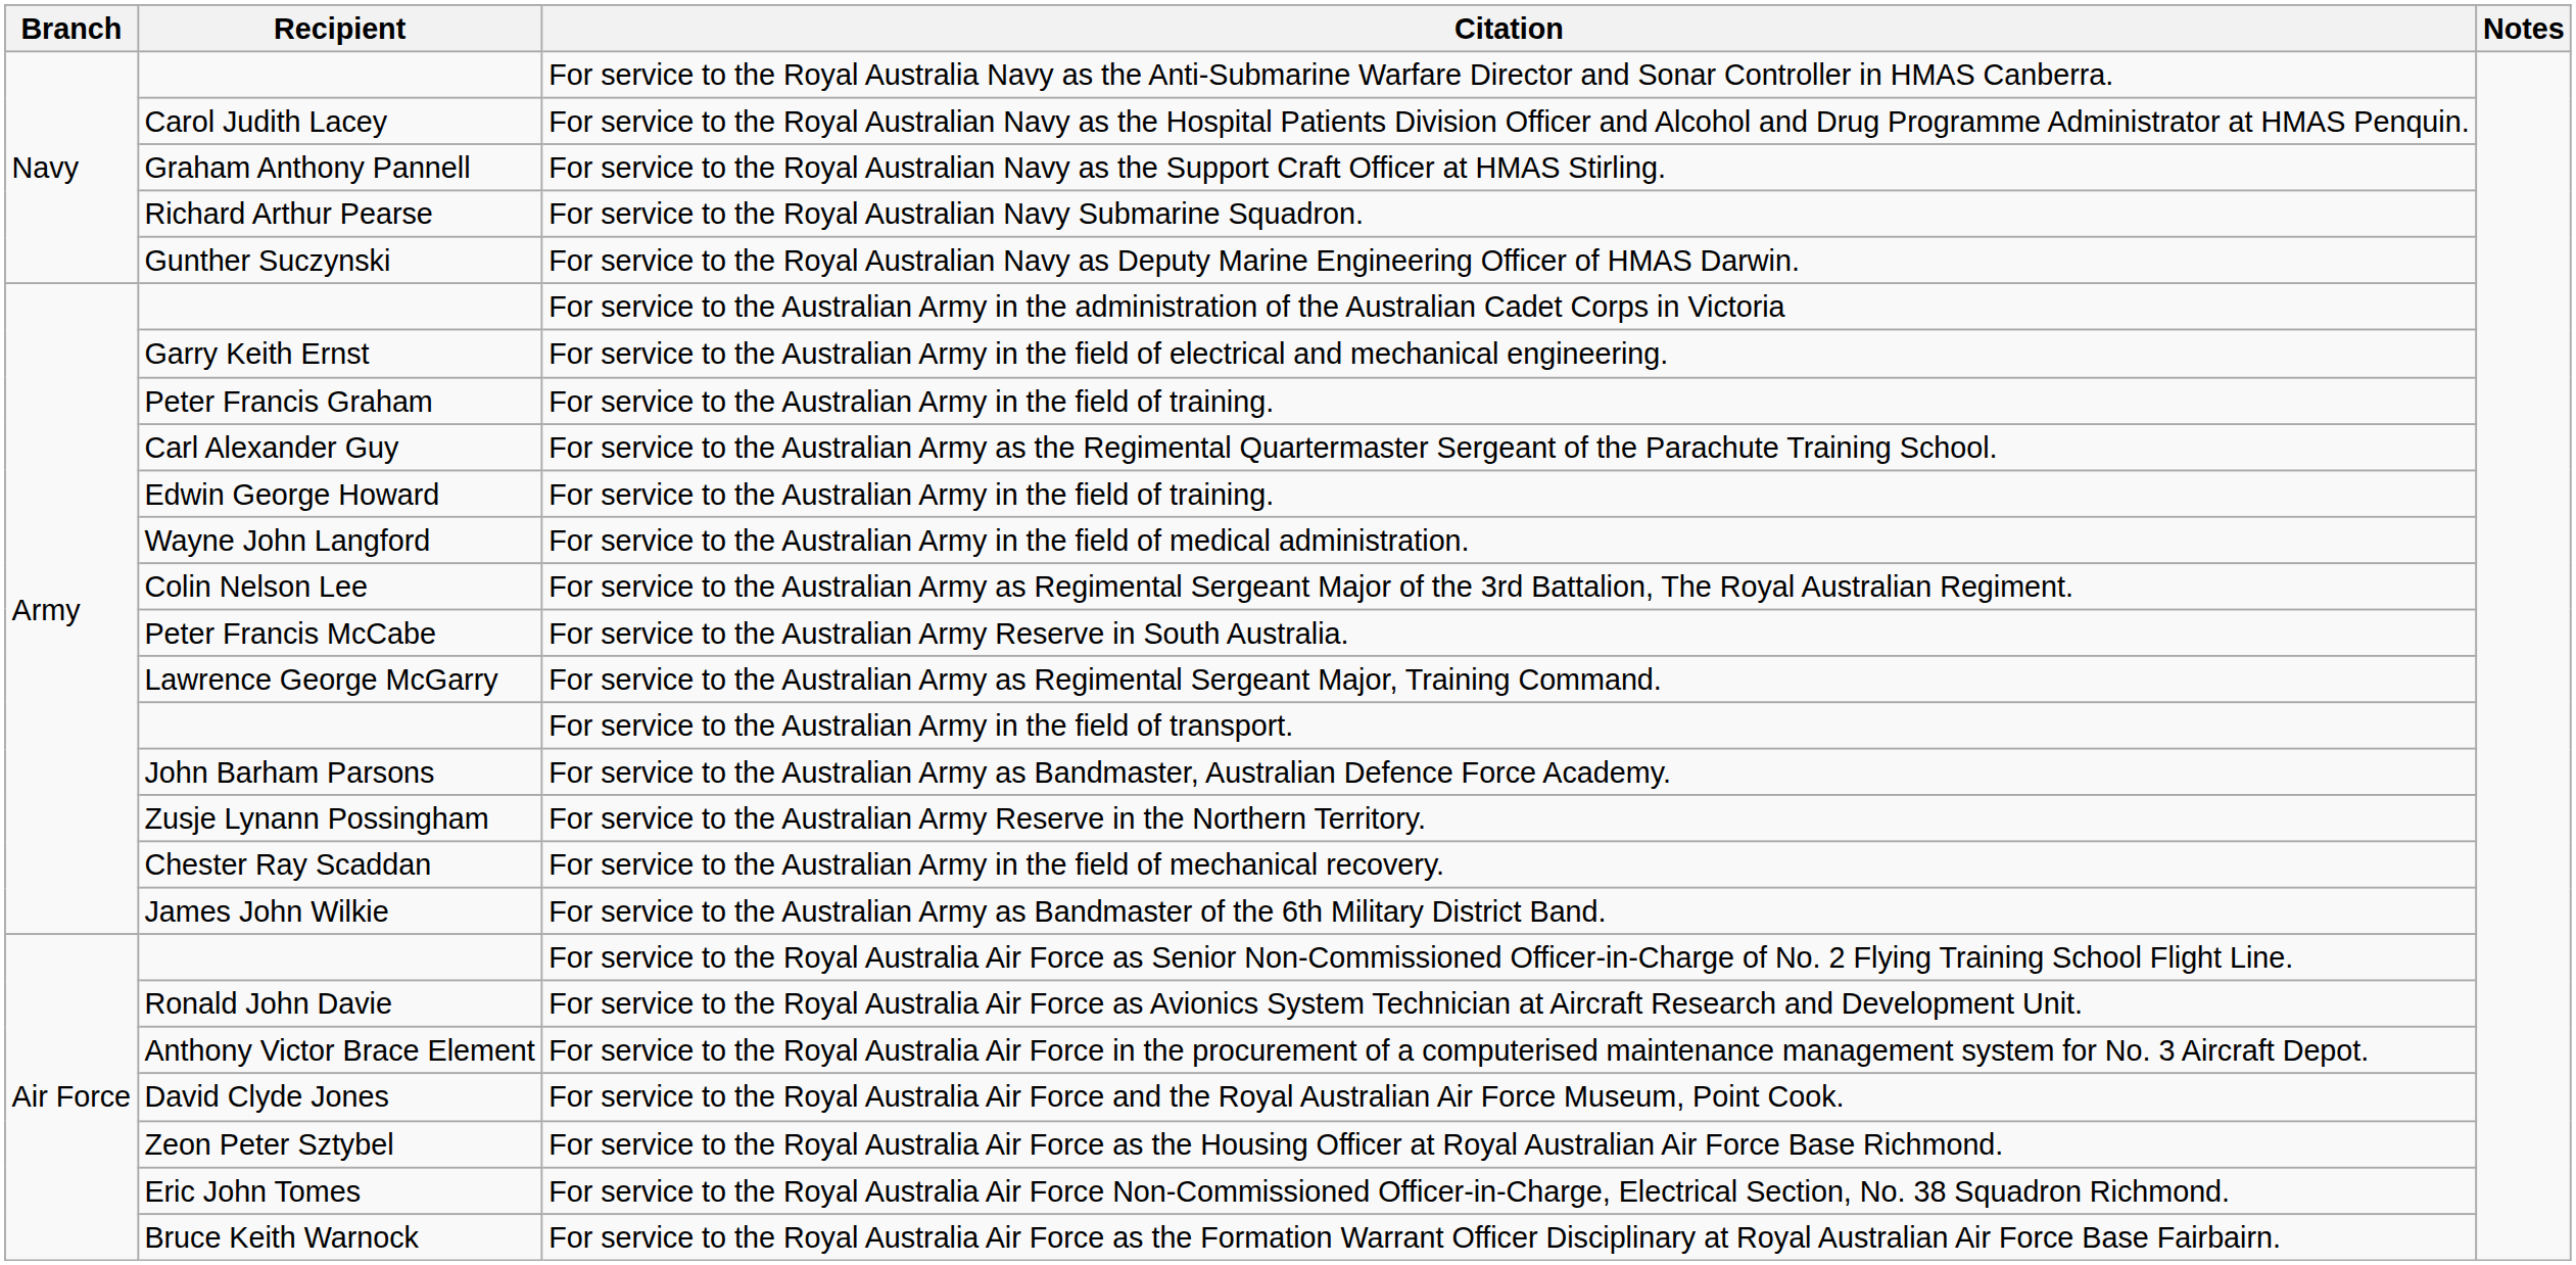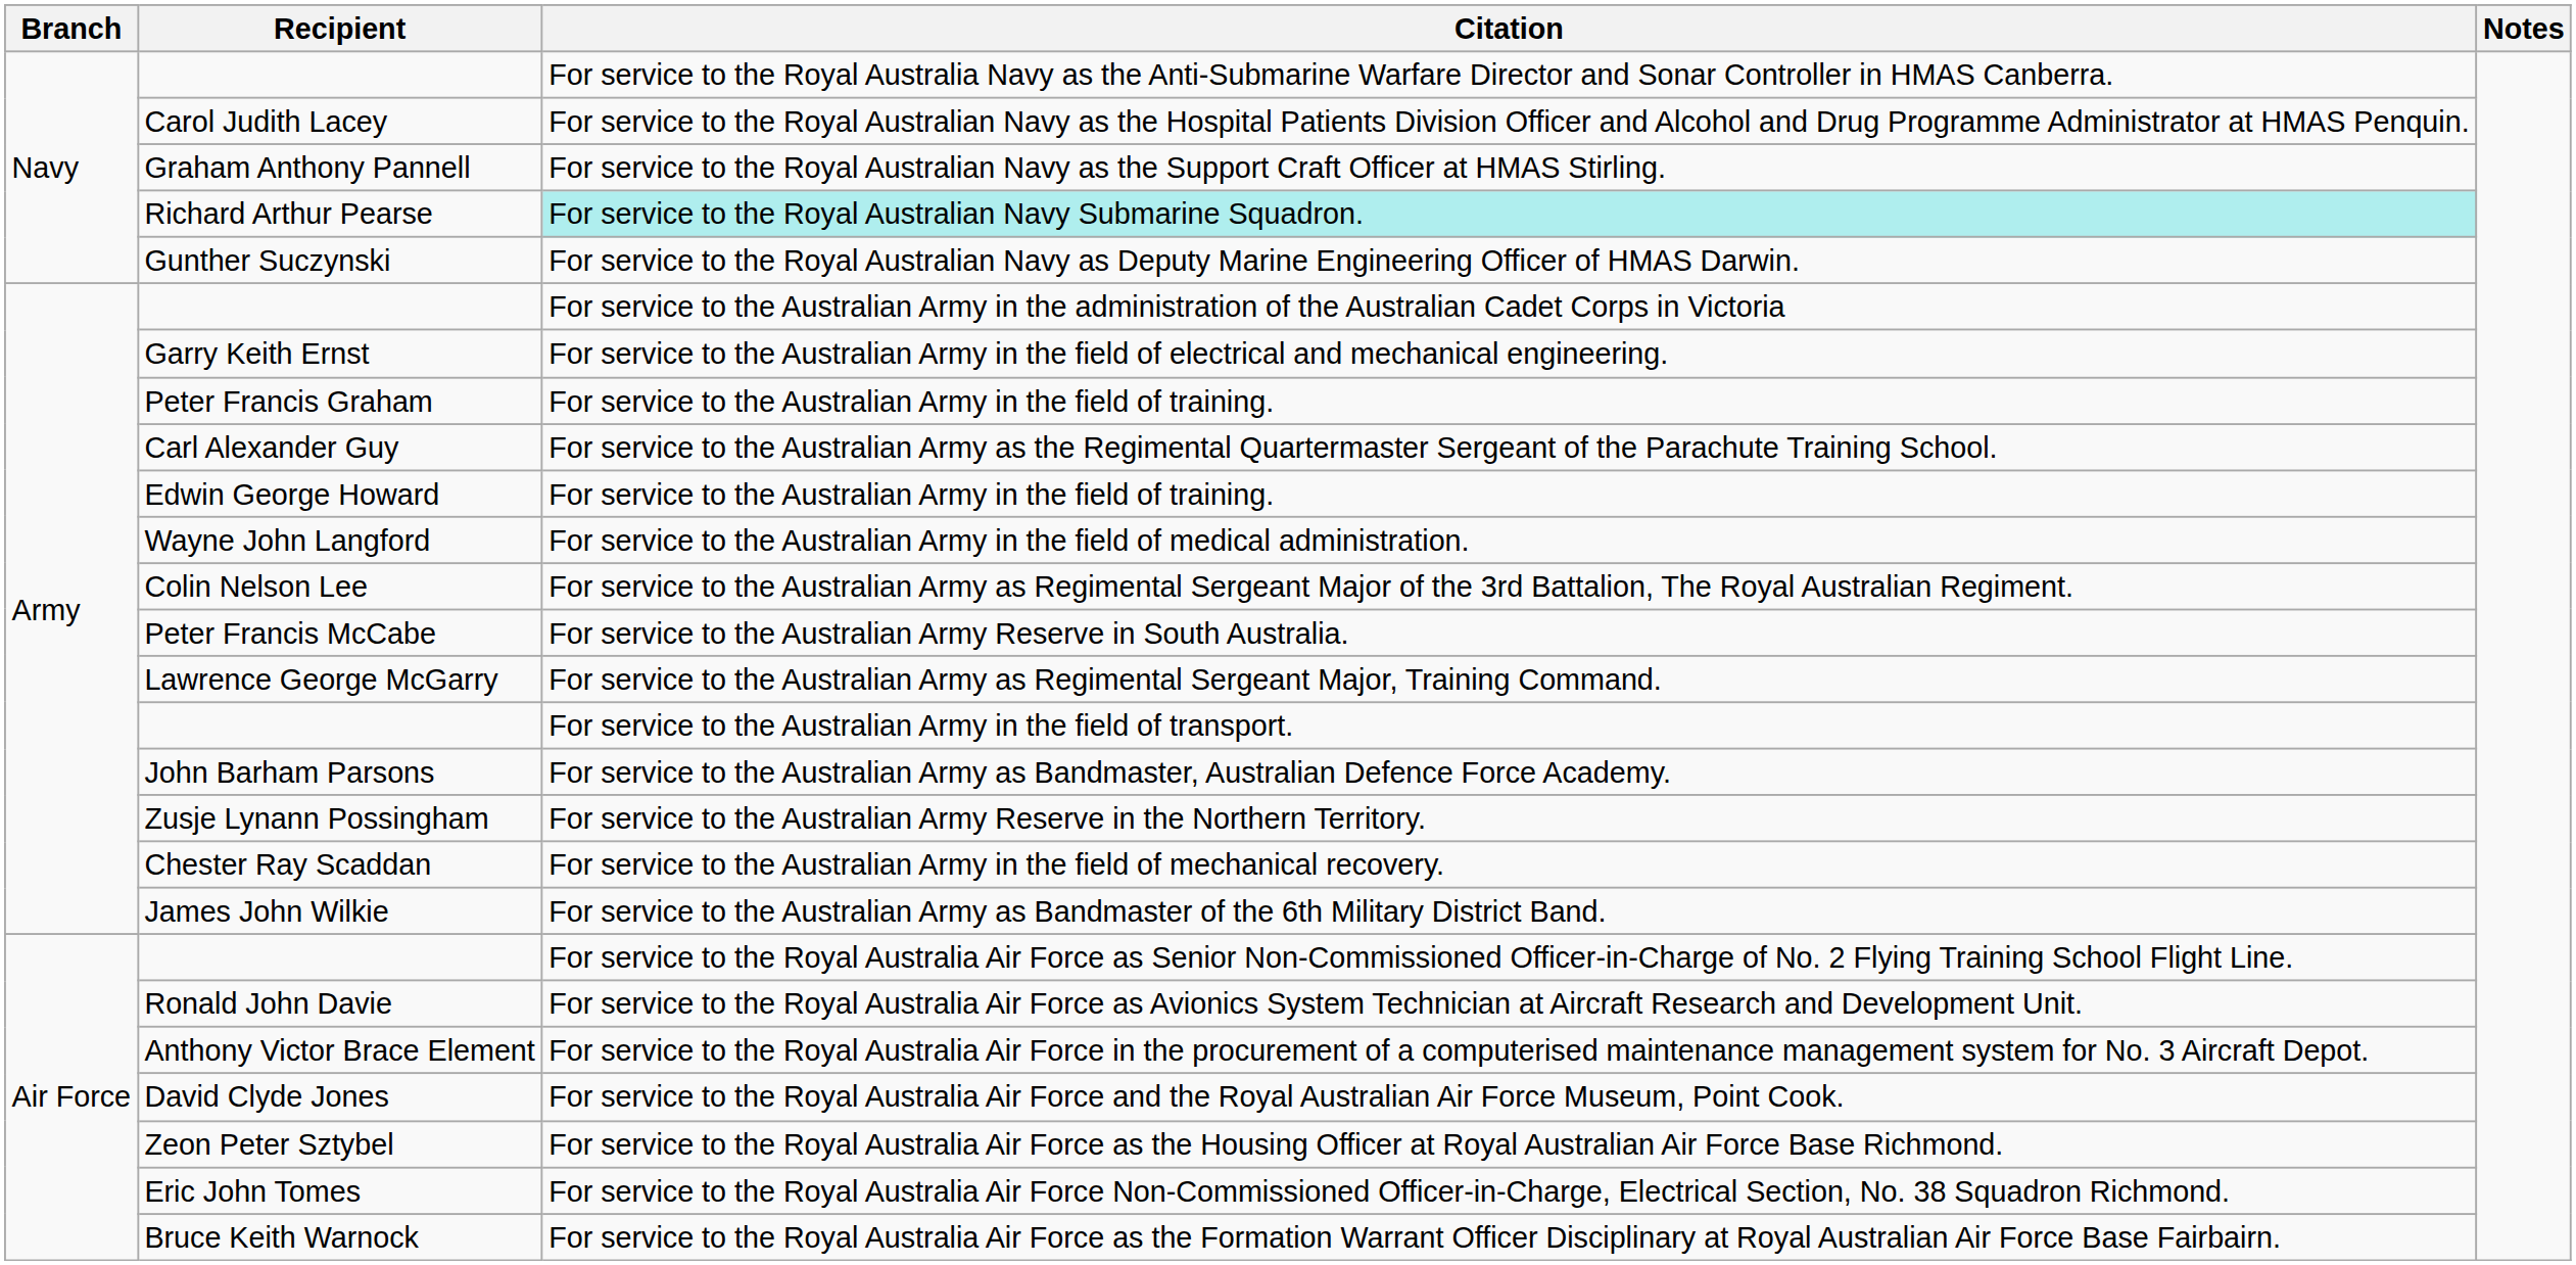 <table class="wikitable" style="font-size:95%;">
 <tr>
 <th>Branch</th>
 <th>Recipient</th>
 <th>Citation</th>
 <th>Notes</th>
 </tr>
 <tr>
 <td rowspan=5>Navy</td>
 <td></td>
 <td>For service to the Royal Australia Navy as the Anti-Submarine Warfare Director and Sonar Controller in HMAS Canberra.</td>
 <td rowspan=30></td>
 </tr>
 <tr>
 <td> Carol Judith Lacey</td>
 <td>For service to the Royal Australian Navy as the Hospital Patients Division Officer and Alcohol and Drug Programme Administrator at HMAS Penquin.</td>
 </tr>
 <tr>
 <td> Graham Anthony Pannell</td>
 <td>For service to the Royal Australian Navy as the Support Craft Officer at HMAS Stirling.</td>
 </tr>
 <tr>
 <td> Richard Arthur Pearse</td>
-<td>For service to the Royal Australian Navy Submarine Squadron.</td>
+<td style="background: paleturquoise;">For service to the Royal Australian Navy Submarine Squadron.</td>
 </tr>
 <tr>
 <td> Gunther Suczynski </td>
 <td>For service to the Royal Australian Navy as Deputy Marine Engineering Officer of HMAS Darwin.</td>
 </tr>
 <tr>
 <td rowspan=14>Army</td>
 <td></td>
 <td>For service to the Australian Army in the administration of the Australian Cadet Corps in Victoria</td>
 </tr>
 <tr>
 <td> Garry Keith Ernst</td>
 <td>For service to the Australian Army in the field of electrical and mechanical engineering.</td>
 </tr>
 <tr>
 <td> Peter Francis Graham</td>
 <td>For service to the Australian Army in the field of training.</td>
 </tr>
 <tr>
 <td> Carl Alexander Guy</td>
 <td>For service to the Australian Army as the Regimental Quartermaster Sergeant of the Parachute Training School.</td>
 </tr>
 <tr>
 <td> Edwin George Howard</td>
 <td>For service to the Australian Army in the field of training.</td>
 </tr>
 <tr>
 <td> Wayne John Langford</td>
 <td>For service to the Australian Army in the field of medical administration.</td>
 </tr>
 <tr>
 <td> Colin Nelson Lee</td>
 <td>For service to the Australian Army as Regimental Sergeant Major of the 3rd Battalion, The Royal Australian Regiment.</td>
 </tr>
 <tr>
 <td> Peter Francis McCabe</td>
 <td>For service to the Australian Army Reserve in South Australia.</td>
 </tr>
 <tr>
 <td> Lawrence George McGarry</td>
 <td>For service to the Australian Army as Regimental Sergeant Major, Training Command.</td>
 </tr>
 <tr>
 <td></td>
 <td>For service to the Australian Army in the field of transport.</td>
 </tr>
 <tr>
 <td> John Barham Parsons</td>
 <td>For service to the Australian Army as Bandmaster, Australian Defence Force Academy.</td>
 </tr>
 <tr>
 <td> Zusje Lynann Possingham</td>
 <td>For service to the Australian Army Reserve in the Northern Territory.</td>
 </tr>
 <tr>
 <td> Chester Ray Scaddan</td>
 <td>For service to the Australian Army in the field of mechanical recovery.</td>
 </tr>
 <tr>
 <td> James John Wilkie</td>
 <td>For service to the Australian Army as Bandmaster of the 6th Military District Band.</td>
 </tr>
 <tr>
 <td rowspan=9>Air Force</td>
 <td></td>
 <td>For service to the Royal Australia Air Force as Senior Non-Commissioned Officer-in-Charge of No. 2 Flying Training School Flight Line.</td>
 </tr>
 <tr>
 <td> Ronald John Davie</td>
 <td>For service to the Royal Australia Air Force as Avionics System Technician at Aircraft Research and Development Unit.</td>
 </tr>
 <tr>
 <td> Anthony Victor Brace Element</td>
 <td>For service to the Royal Australia Air Force in the procurement of a computerised maintenance management system for No. 3 Aircraft Depot.</td>
 </tr>
 <tr>
 <td> David Clyde Jones</td>
 <td>For service to the Royal Australia Air Force and the Royal Australian Air Force Museum, Point Cook.</td>
 </tr>
 <tr>
 <td> Zeon Peter Sztybel</td>
 <td>For service to the Royal Australia Air Force as the Housing Officer at Royal Australian Air Force Base Richmond.</td>
 </tr>
 <tr>
 <td> Eric John Tomes</td>
 <td>For service to the Royal Australia Air Force Non-Commissioned Officer-in-Charge, Electrical Section, No. 38 Squadron Richmond.</td>
 </tr>
 <tr>
 <td> Bruce Keith Warnock</td>
 <td>For service to the Royal Australia Air Force as the Formation Warrant Officer Disciplinary at Royal Australian Air Force Base Fairbairn.</td>
 </tr>
 </table>
